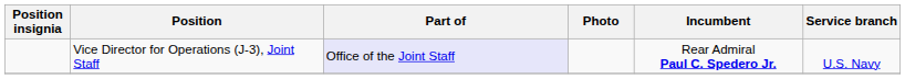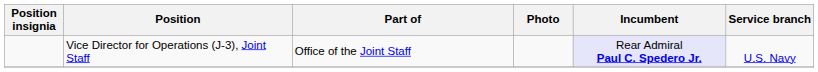 <table class="wikitable">
 <tr>
 <th width="75" style="text-align:center">Position insignia</th>
 <th width="310" style="text-align:center">Position</th>
 <th width="300" style="text-align:center">Part of</th>
 <th width="75" style="text-align:center">Photo</th>
 <th width="205" style="text-align:center">Incumbent</th>
 <th width="115" style="text-align:center">Service branch</th>
 </tr>
 <tr>
 <td></td>
 <td>Vice Director for Operations (J-3), <a href='#'>Joint Staff</a></td>
-<td style="background: lavender;"> Office of the <a href='#'>Joint Staff</a></td>
+<td> Office of the <a href='#'>Joint Staff</a></td>
 <td></td>
-<td style="text-align:center">Rear Admiral<br><strong><a href='#'>Paul C. Spedero Jr.</a></strong></td>
+<td style="background: lavender; text-align:center">Rear Admiral<br><strong><a href='#'>Paul C. Spedero Jr.</a></strong></td>
 <td style="text-align:center"><br><a href='#'>U.S. Navy</a></td>
 </tr>
 <tr>
 </tr>
 </table>
